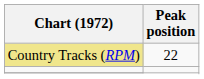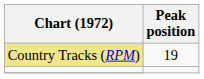 <table class="wikitable sortable">
 <tr>
 <th>Chart (1972)</th>
 <th>Peak<br>position</th>
 </tr>
 <tr>
 <td style="background: khaki;">Country Tracks (<em><a href='#'>RPM</a></em>)</td>
-<td align=center>22</td>
+<td align=center>19</td>
 </tr>
 <tr>
 <td></td>
 </tr>
 <tr>
 </tr>
 </table>
